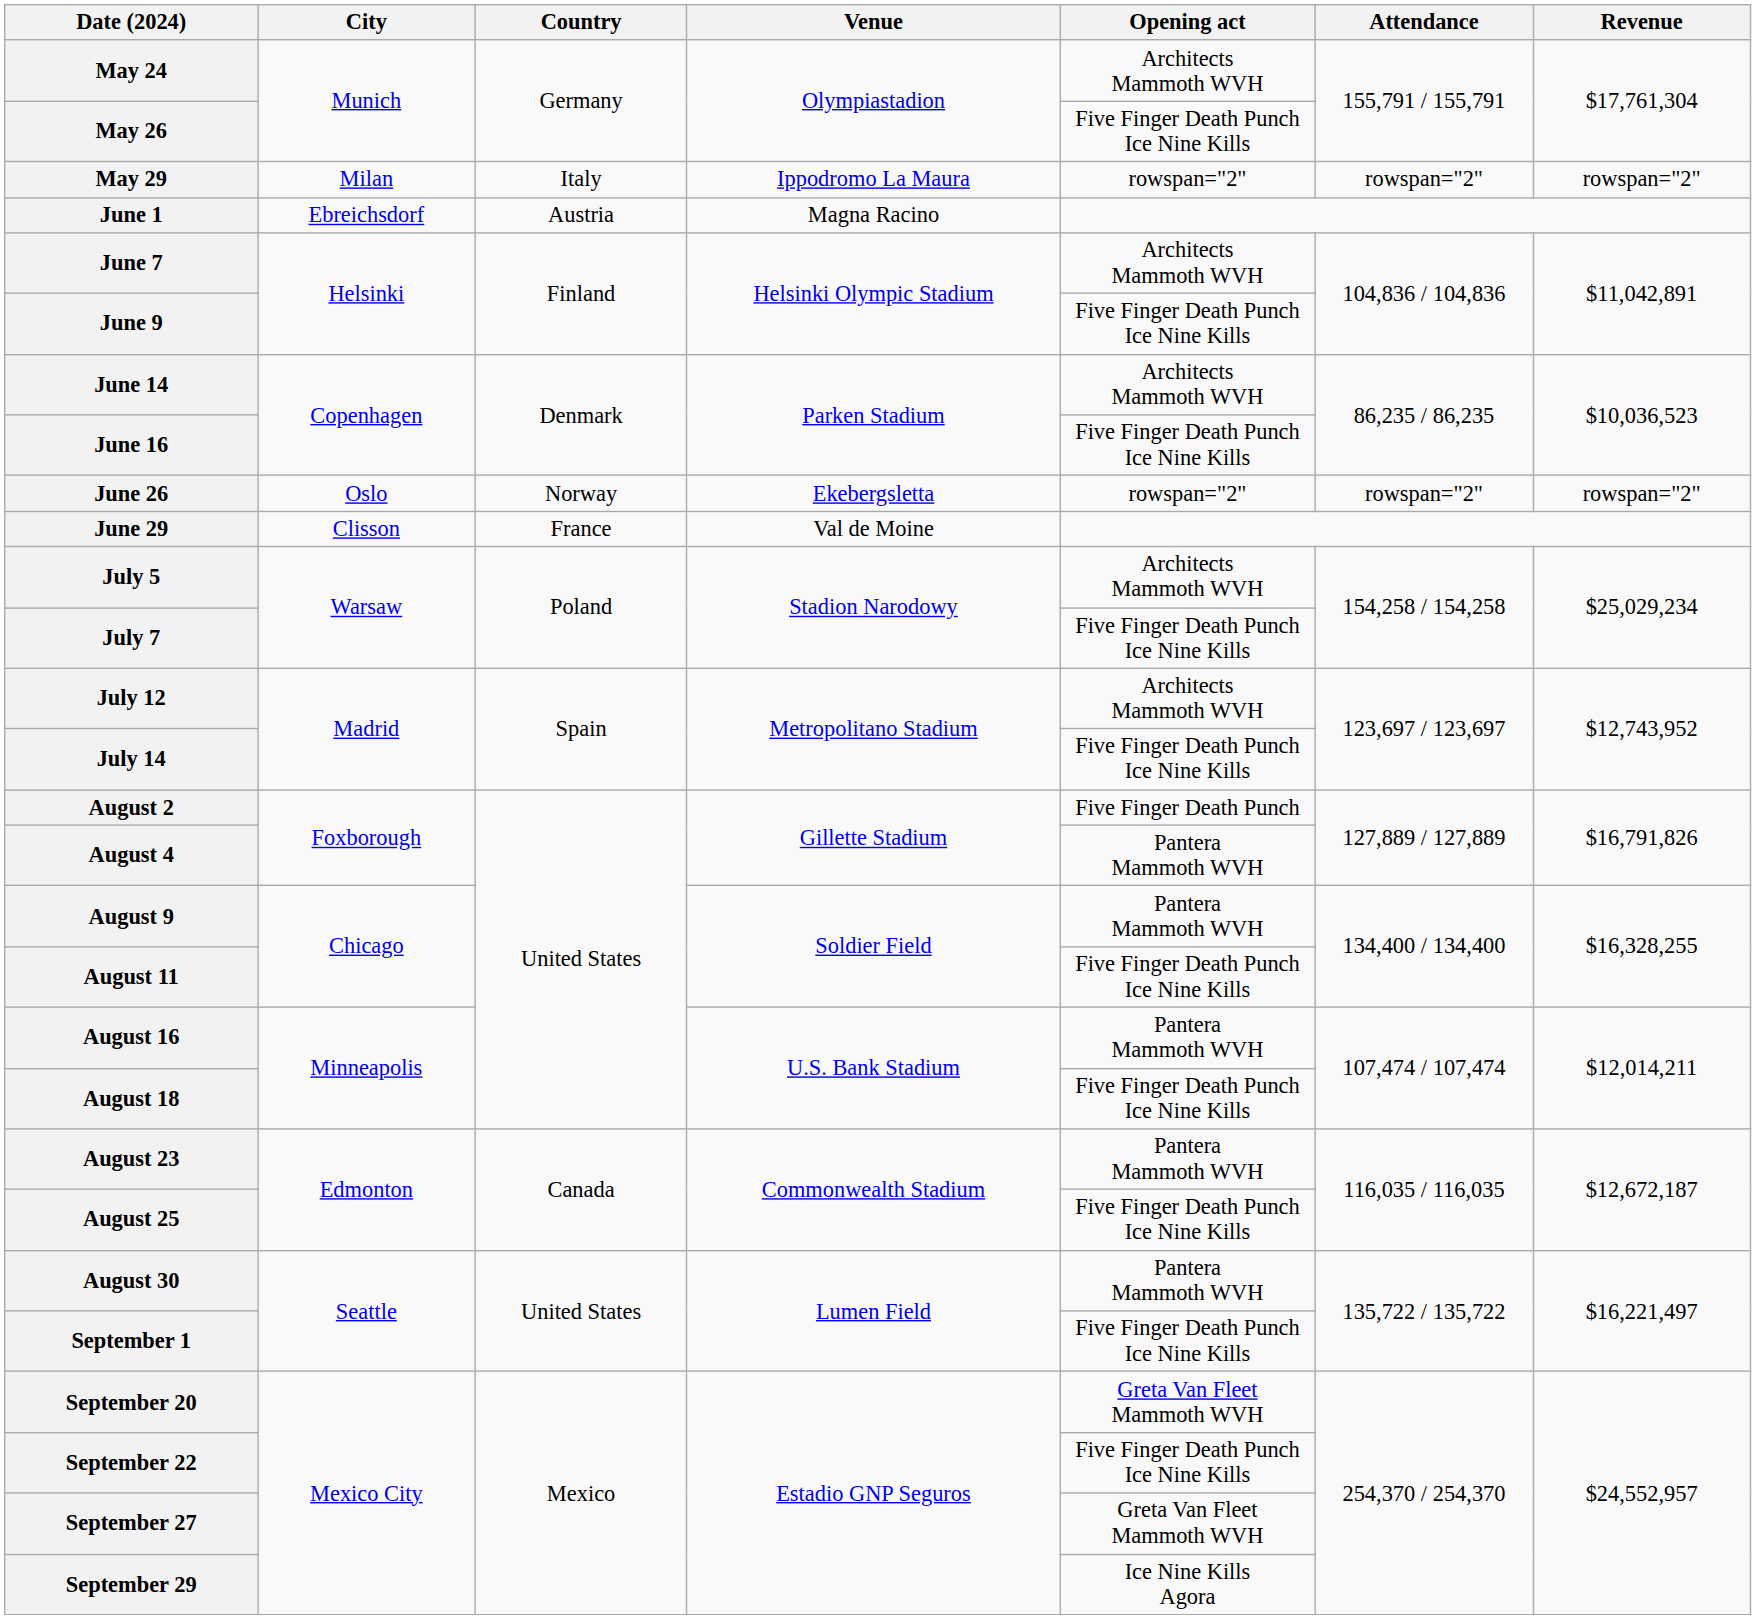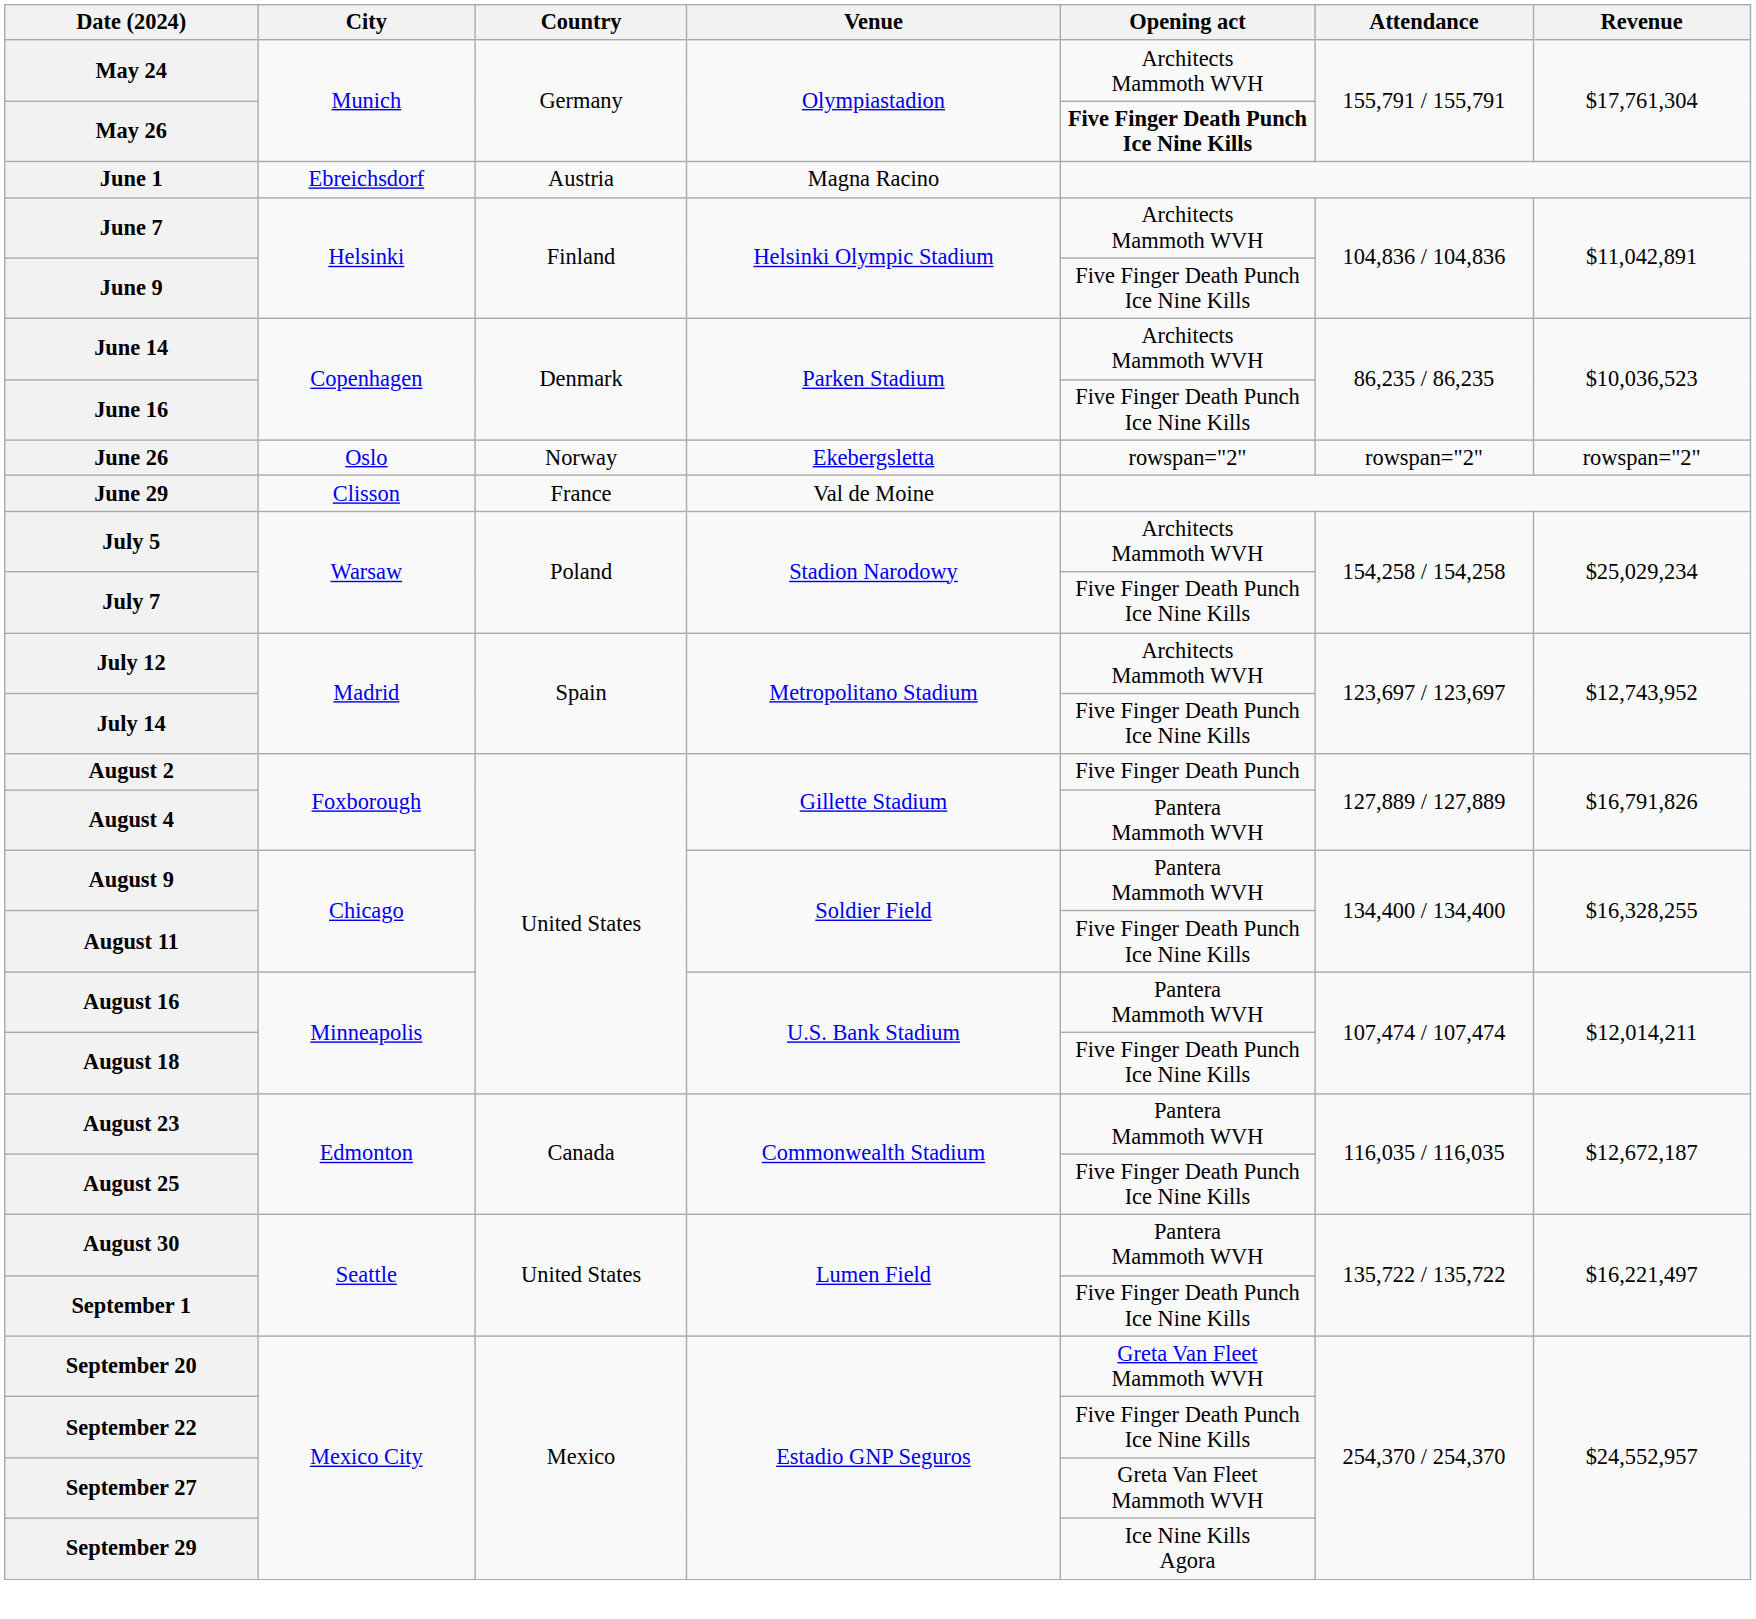 <table class="wikitable plainrowheaders" style="text-align:center;">
 <tr>
 <th scope="col" style="width:12em;">Date (2024)</th>
 <th scope="col" style="width:10em;">City</th>
 <th scope="col" style="width:10em;">Country</th>
 <th scope="col" style="width:18em;">Venue</th>
 <th scope="col" style="width:12em;">Opening act</th>
 <th scope="col" style="width:10em;">Attendance</th>
 <th scope="col" style="width:10em;">Revenue</th>
 </tr>
 <tr>
 <th scope="row" style="text-align:center;">May 24</th>
 <td rowspan="2"><a href='#'>Munich</a></td>
 <td rowspan="2">Germany</td>
 <td rowspan="2"><a href='#'>Olympiastadion</a></td>
 <td>Architects<br>Mammoth WVH</td>
 <td rowspan="2">155,791 / 155,791</td>
 <td rowspan="2">$17,761,304</td>
 </tr>
 <tr>
 <th scope="row" style="text-align:center;">May 26</th>
-<td>Five Finger Death Punch<br>Ice Nine Kills</td>
-</tr>
-<tr>
-<th scope="row" style="text-align:center;">May 29</th>
-<td><a href='#'>Milan</a></td>
-<td>Italy</td>
-<td><a href='#'>Ippodromo La Maura</a></td>
-<td>rowspan="2" </td>
-<td>rowspan="2" </td>
-<td>rowspan="2" </td>
+<td><strong>Five Finger Death Punch<br>Ice Nine Kills</strong></td>
 </tr>
 <tr>
 <th scope="row" style="text-align:center;">June 1</th>
 <td><a href='#'>Ebreichsdorf</a></td>
 <td>Austria</td>
 <td>Magna Racino</td>
 </tr>
 <tr>
 <th scope="row" style="text-align:center;">June 7</th>
 <td rowspan="2"><a href='#'>Helsinki</a></td>
 <td rowspan="2">Finland</td>
 <td rowspan="2"><a href='#'>Helsinki Olympic Stadium</a></td>
 <td>Architects<br>Mammoth WVH</td>
 <td rowspan="2">104,836 / 104,836</td>
 <td rowspan="2">$11,042,891</td>
 </tr>
 <tr>
 <th scope="row" style="text-align:center;">June 9</th>
 <td>Five Finger Death Punch<br>Ice Nine Kills</td>
 </tr>
 <tr>
 <th scope="row" style="text-align:center;">June 14</th>
 <td rowspan="2"><a href='#'>Copenhagen</a></td>
 <td rowspan="2">Denmark</td>
 <td rowspan="2"><a href='#'>Parken Stadium</a></td>
 <td>Architects<br>Mammoth WVH</td>
 <td rowspan="2">86,235 / 86,235</td>
 <td rowspan="2">$10,036,523</td>
 </tr>
 <tr>
 <th scope="row" style="text-align:center;">June 16</th>
 <td>Five Finger Death Punch<br>Ice Nine Kills</td>
 </tr>
 <tr>
 <th scope="row" style="text-align:center;">June 26</th>
 <td><a href='#'>Oslo</a></td>
 <td>Norway</td>
 <td><a href='#'>Ekebergsletta</a></td>
 <td>rowspan="2" </td>
 <td>rowspan="2" </td>
 <td>rowspan="2" </td>
 </tr>
 <tr>
 <th scope="row" style="text-align:center;">June 29</th>
 <td><a href='#'>Clisson</a></td>
 <td>France</td>
 <td>Val de Moine</td>
 </tr>
 <tr>
 <th scope="row" style="text-align:center;">July 5</th>
 <td rowspan="2"><a href='#'>Warsaw</a></td>
 <td rowspan="2">Poland</td>
 <td rowspan="2"><a href='#'>Stadion Narodowy</a></td>
 <td>Architects<br>Mammoth WVH</td>
 <td rowspan="2">154,258 / 154,258</td>
 <td rowspan="2">$25,029,234</td>
 </tr>
 <tr>
 <th scope="row" style="text-align:center;">July 7</th>
 <td>Five Finger Death Punch<br>Ice Nine Kills</td>
 </tr>
 <tr>
 <th scope="row" style="text-align:center;">July 12</th>
 <td rowspan="2"><a href='#'>Madrid</a></td>
 <td rowspan="2">Spain</td>
 <td rowspan="2"><a href='#'>Metropolitano Stadium</a></td>
 <td>Architects<br>Mammoth WVH</td>
 <td rowspan="2">123,697 / 123,697</td>
 <td rowspan="2">$12,743,952</td>
 </tr>
 <tr>
 <th scope="row" style="text-align:center;">July 14</th>
 <td>Five Finger Death Punch<br>Ice Nine Kills</td>
 </tr>
 <tr>
 <th scope="row" style="text-align:center;">August 2</th>
 <td rowspan="2"><a href='#'>Foxborough</a></td>
 <td rowspan="6">United States</td>
 <td rowspan="2"><a href='#'>Gillette Stadium</a></td>
 <td>Five Finger Death Punch</td>
 <td rowspan="2">127,889 / 127,889</td>
 <td rowspan="2">$16,791,826</td>
 </tr>
 <tr>
 <th scope="row" style="text-align:center;">August 4</th>
 <td>Pantera<br>Mammoth WVH</td>
 </tr>
 <tr>
 <th scope="row" style="text-align:center;">August 9</th>
 <td rowspan="2"><a href='#'>Chicago</a></td>
 <td rowspan="2"><a href='#'>Soldier Field</a></td>
 <td>Pantera<br>Mammoth WVH</td>
 <td rowspan="2">134,400 / 134,400</td>
 <td rowspan="2">$16,328,255</td>
 </tr>
 <tr>
 <th scope="row" style="text-align:center;">August 11</th>
 <td>Five Finger Death Punch<br>Ice Nine Kills</td>
 </tr>
 <tr>
 <th scope="row" style="text-align:center;">August 16</th>
 <td rowspan="2"><a href='#'>Minneapolis</a></td>
 <td rowspan="2"><a href='#'>U.S. Bank Stadium</a></td>
 <td>Pantera<br>Mammoth WVH</td>
 <td rowspan="2">107,474 / 107,474</td>
 <td rowspan="2">$12,014,211</td>
 </tr>
 <tr>
 <th scope="row" style="text-align:center;">August 18</th>
 <td>Five Finger Death Punch<br>Ice Nine Kills</td>
 </tr>
 <tr>
 <th scope="row" style="text-align:center;">August 23</th>
 <td rowspan="2"><a href='#'>Edmonton</a></td>
 <td rowspan="2">Canada</td>
 <td rowspan="2"><a href='#'>Commonwealth Stadium</a></td>
 <td>Pantera<br>Mammoth WVH</td>
 <td rowspan="2">116,035 / 116,035</td>
 <td rowspan="2">$12,672,187</td>
 </tr>
 <tr>
 <th scope="row" style="text-align:center;">August 25</th>
 <td>Five Finger Death Punch<br>Ice Nine Kills</td>
 </tr>
 <tr>
 <th scope="row" style="text-align:center;">August 30</th>
 <td rowspan="2"><a href='#'>Seattle</a></td>
 <td rowspan="2">United States</td>
 <td rowspan="2"><a href='#'>Lumen Field</a></td>
 <td>Pantera<br>Mammoth WVH</td>
 <td rowspan="2">135,722 / 135,722</td>
 <td rowspan="2">$16,221,497</td>
 </tr>
 <tr>
 <th scope="row" style="text-align:center;">September 1</th>
 <td>Five Finger Death Punch<br>Ice Nine Kills</td>
 </tr>
 <tr>
 <th scope="row" style="text-align:center;">September 20</th>
 <td rowspan="4"><a href='#'>Mexico City</a></td>
 <td rowspan="4">Mexico</td>
 <td rowspan="4"><a href='#'>Estadio GNP Seguros</a></td>
 <td><a href='#'>Greta Van Fleet</a><br>Mammoth WVH</td>
 <td rowspan="4">254,370 / 254,370</td>
 <td rowspan="4">$24,552,957</td>
 </tr>
 <tr>
 <th scope="row" style="text-align:center;">September 22</th>
 <td>Five Finger Death Punch<br>Ice Nine Kills</td>
 </tr>
 <tr>
 <th scope="row" style="text-align:center;">September 27</th>
 <td>Greta Van Fleet<br>Mammoth WVH</td>
 </tr>
 <tr>
 <th scope="row" style="text-align:center;">September 29</th>
 <td>Ice Nine Kills<br>Agora</td>
 </tr>
 <tr>
 </tr>
 </table>
